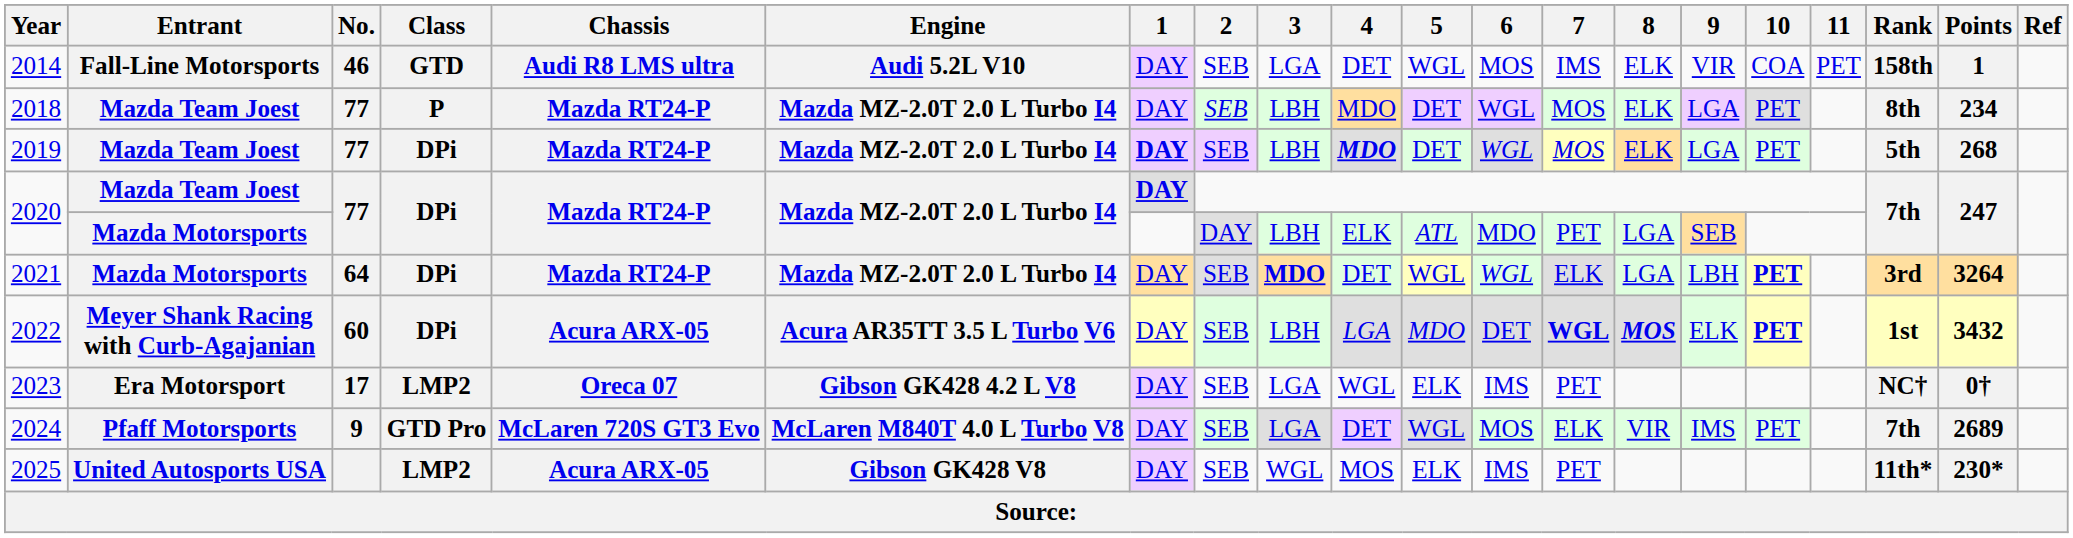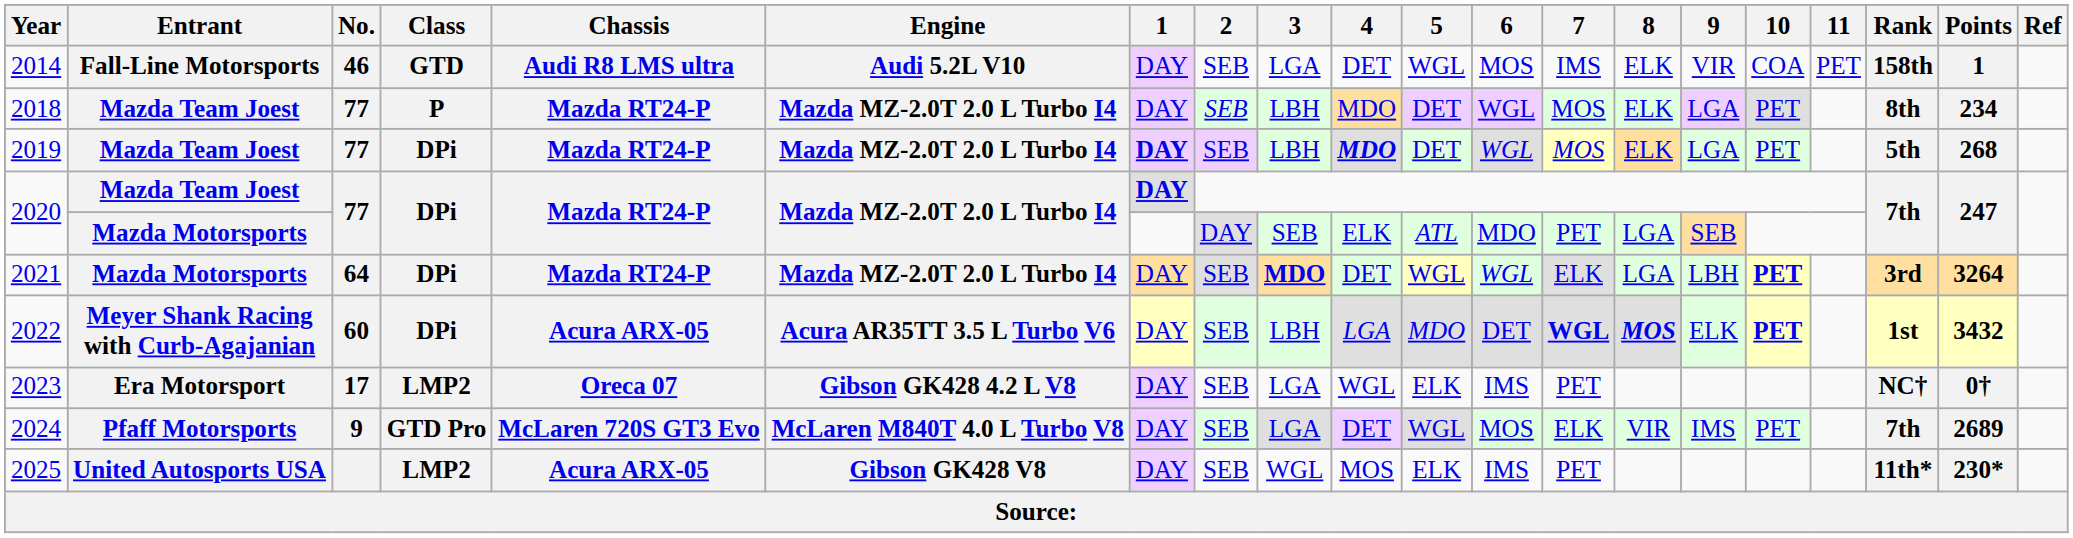 <table class="wikitable" style="text-align:center; font-size:85%">
 <tr>
 <th>Year</th>
 <th>Entrant</th>
 <th>No.</th>
 <th>Class</th>
 <th>Chassis</th>
 <th>Engine</th>
 <th>1</th>
 <th>2</th>
 <th>3</th>
 <th>4</th>
 <th>5</th>
 <th>6</th>
 <th>7</th>
 <th>8</th>
 <th>9</th>
 <th>10</th>
 <th>11</th>
 <th>Rank</th>
 <th>Points</th>
 <th>Ref</th>
 </tr>
 <tr>
 <td><a href='#'>2014</a></td>
 <th nowrap>Fall-Line Motorsports</th>
 <th>46</th>
 <th>GTD</th>
 <th nowrap><a href='#'>Audi R8 LMS ultra</a></th>
 <th nowrap><a href='#'>Audi</a> 5.2L V10</th>
 <td style="background:#EFCFFF;"><a href='#'>DAY</a><br></td>
 <td><a href='#'>SEB</a></td>
 <td><a href='#'>LGA</a></td>
 <td><a href='#'>DET</a></td>
 <td><a href='#'>WGL</a></td>
 <td><a href='#'>MOS</a></td>
 <td><a href='#'>IMS</a></td>
 <td><a href='#'>ELK</a></td>
 <td><a href='#'>VIR</a></td>
 <td><a href='#'>COA</a></td>
 <td><a href='#'>PET</a></td>
 <th>158th</th>
 <th>1</th>
 <td></td>
 </tr>
 <tr>
 <td><a href='#'>2018</a></td>
 <th nowrap><a href='#'>Mazda Team Joest</a></th>
 <th>77</th>
 <th>P</th>
 <th nowrap><a href='#'>Mazda RT24-P</a></th>
 <th nowrap><a href='#'>Mazda</a> MZ-2.0T 2.0 L Turbo <a href='#'>I4</a></th>
 <td style="background:#EFCFFF;"><a href='#'>DAY</a><br></td>
 <td style="background:#DFFFDF;"><em><a href='#'>SEB</a></em><br></td>
 <td style="background:#DFFFDF;"><a href='#'>LBH</a><br></td>
 <td style="background:#FFDF9F;"><a href='#'>MDO</a><br></td>
 <td style="background:#EFCFFF;"><a href='#'>DET</a><br></td>
 <td style="background:#EFCFFF;"><a href='#'>WGL</a><br></td>
 <td style="background:#DFFFDF;"><a href='#'>MOS</a><br></td>
 <td style="background:#DFFFDF;"><a href='#'>ELK</a><br></td>
 <td style="background:#EFCFFF;"><a href='#'>LGA</a><br></td>
 <td style="background:#DFDFDF;"><a href='#'>PET</a><br></td>
 <td></td>
 <th>8th</th>
 <th>234</th>
 <td></td>
 </tr>
 <tr>
 <td><a href='#'>2019</a></td>
 <th nowrap><a href='#'>Mazda Team Joest</a></th>
 <th>77</th>
 <th>DPi</th>
 <th nowrap><a href='#'>Mazda RT24-P</a></th>
 <th nowrap><a href='#'>Mazda</a> MZ-2.0T 2.0 L Turbo <a href='#'>I4</a></th>
 <td style="background:#EFCFFF;"><strong><a href='#'>DAY</a></strong><br></td>
 <td style="background:#EFCFFF;"><a href='#'>SEB</a><br></td>
 <td style="background:#DFFFDF;"><a href='#'>LBH</a><br></td>
 <td style="background:#DFDFDF;"><strong><em><a href='#'>MDO</a></em></strong><br></td>
 <td style="background:#DFFFDF;"><a href='#'>DET</a><br></td>
 <td style="background:#DFDFDF;"><em><a href='#'>WGL</a></em><br></td>
 <td style="background:#FFFFBF;"><em><a href='#'>MOS</a></em><br></td>
 <td style="background:#FFDF9F;"><a href='#'>ELK</a><br></td>
 <td style="background:#DFFFDF;"><a href='#'>LGA</a><br></td>
 <td style="background:#DFFFDF;"><a href='#'>PET</a><br></td>
 <td></td>
 <th>5th</th>
 <th>268</th>
 <td></td>
 </tr>
 <tr>
 <td rowspan=2><a href='#'>2020</a></td>
 <th nowrap><a href='#'>Mazda Team Joest</a></th>
 <th rowspan=2>77</th>
 <th rowspan=2>DPi</th>
 <th rowspan=2 nowrap><a href='#'>Mazda RT24-P</a></th>
 <th rowspan=2 nowrap><a href='#'>Mazda</a> MZ-2.0T 2.0 L Turbo <a href='#'>I4</a></th>
 <td style="background:#DFDFDF;"><strong><a href='#'>DAY</a></strong><br></td>
 <td colspan=10></td>
 <th rowspan=2>7th</th>
 <th rowspan=2>247</th>
 <td rowspan="2"></td>
 </tr>
 <tr>
 <th nowrap><a href='#'>Mazda Motorsports</a></th>
 <td></td>
 <td style="background:#DFDFDF;"><a href='#'>DAY</a><br></td>
-<td style="background:#DFFFDF;"><a href='#'>LBH</a><br></td>
+<td style="background:#DFFFDF;"><a href='#'>SEB</a><br></td>
 <td style="background:#DFFFDF;"><a href='#'>ELK</a><br></td>
 <td style="background:#DFFFDF;"><em><a href='#'>ATL</a></em><br></td>
 <td style="background:#DFFFDF;"><a href='#'>MDO</a><br></td>
 <td style="background:#DFFFDF;"><a href='#'>PET</a><br></td>
 <td style="background:#DFFFDF;"><a href='#'>LGA</a><br></td>
 <td style="background:#FFDF9F;"><a href='#'>SEB</a><br></td>
 <td colspan=2></td>
 </tr>
 <tr>
 <td><a href='#'>2021</a></td>
 <th nowrap><a href='#'>Mazda Motorsports</a></th>
 <th>64</th>
 <th>DPi</th>
 <th nowrap><a href='#'>Mazda RT24-P</a></th>
 <th nowrap><a href='#'>Mazda</a> MZ-2.0T 2.0 L Turbo <a href='#'>I4</a></th>
 <td style="background:#FFDF9F;"><a href='#'>DAY</a><br></td>
 <td style="background:#DFDFDF;"><a href='#'>SEB</a><br></td>
 <td style="background:#FFDF9F;"><strong><a href='#'>MDO</a></strong><br></td>
 <td style="background:#DFFFDF;"><a href='#'>DET</a><br></td>
 <td style="background:#FFFFBF;"><a href='#'>WGL</a><br></td>
 <td style="background:#DFFFDF;"><em><a href='#'>WGL</a></em><br></td>
 <td style="background:#DFDFDF;"><a href='#'>ELK</a><br></td>
 <td style="background:#DFFFDF;"><a href='#'>LGA</a><br></td>
 <td style="background:#DFFFDF;"><a href='#'>LBH</a><br></td>
 <td style="background:#FFFFBF;"><strong><a href='#'>PET</a></strong><br></td>
 <td></td>
 <th style="background:#FFDF9F;">3rd</th>
 <th style="background:#FFDF9F;">3264</th>
 <td></td>
 </tr>
 <tr>
 <td><a href='#'>2022</a></td>
 <th nowrap><a href='#'>Meyer Shank Racing</a><br>with <a href='#'>Curb-Agajanian</a></th>
 <th>60</th>
 <th>DPi</th>
 <th nowrap><a href='#'>Acura ARX-05</a></th>
 <th nowrap><a href='#'>Acura</a> AR35TT 3.5 L <a href='#'>Turbo</a> <a href='#'>V6</a></th>
 <td style="background:#FFFFBF;"><a href='#'>DAY</a><br></td>
 <td style="background:#DFFFDF;"><a href='#'>SEB</a><br></td>
 <td style="background:#DFFFDF;"><a href='#'>LBH</a><br></td>
 <td style="background:#DFDFDF;"><em><a href='#'>LGA</a></em><br></td>
 <td style="background:#DFDFDF;"><em><a href='#'>MDO</a></em><br></td>
 <td style="background:#DFDFDF;"><a href='#'>DET</a><br></td>
 <td style="background:#DFDFDF;"><strong><a href='#'>WGL</a></strong><br></td>
 <td style="background:#DFDFDF;"><strong><em><a href='#'>MOS</a></em></strong><br></td>
 <td style="background:#DFFFDF;"><a href='#'>ELK</a><br></td>
 <td style="background:#FFFFBF;"><strong><a href='#'>PET</a></strong><br></td>
 <td></td>
 <th style="background:#FFFFBF;">1st</th>
 <th style="background:#FFFFBF;">3432</th>
 <td></td>
 </tr>
 <tr>
 <td><a href='#'>2023</a></td>
 <th nowrap>Era Motorsport</th>
 <th>17</th>
 <th>LMP2</th>
 <th nowrap><a href='#'>Oreca 07</a></th>
 <th nowrap><a href='#'>Gibson</a> GK428 4.2 L <a href='#'>V8</a></th>
 <td style="background:#EFCFFF;"><a href='#'>DAY</a><br></td>
 <td><a href='#'>SEB</a></td>
 <td><a href='#'>LGA</a></td>
 <td><a href='#'>WGL</a></td>
 <td><a href='#'>ELK</a></td>
 <td><a href='#'>IMS</a></td>
 <td><a href='#'>PET</a></td>
 <td></td>
 <td></td>
 <td></td>
 <td></td>
 <th>NC†</th>
 <th>0†</th>
 <td></td>
 </tr>
 <tr>
 <td><a href='#'>2024</a></td>
 <th nowrap><a href='#'>Pfaff Motorsports</a></th>
 <th>9</th>
 <th nowrap>GTD Pro</th>
 <th nowrap><a href='#'>McLaren 720S GT3 Evo</a></th>
 <th nowrap><a href='#'>McLaren</a> <a href='#'>M840T</a> 4.0 L <a href='#'>Turbo</a> <a href='#'>V8</a></th>
 <td style="background:#EFCFFF;"><a href='#'>DAY</a><br></td>
 <td style="background:#DFFFDF;"><a href='#'>SEB</a><br></td>
 <td style="background:#DFDFDF;"><a href='#'>LGA</a><br></td>
 <td style="background:#EFCFFF;"><a href='#'>DET</a><br></td>
 <td style="background:#DFDFDF;"><a href='#'>WGL</a><br></td>
 <td style="background:#DFFFDF;"><a href='#'>MOS</a><br></td>
 <td style="background:#DFFFDF;"><a href='#'>ELK</a><br></td>
 <td style="background:#DFFFDF;"><a href='#'>VIR</a><br></td>
 <td style="background:#DFFFDF;"><a href='#'>IMS</a><br></td>
 <td style="background:#DFFFDF;"><a href='#'>PET</a><br></td>
 <td></td>
 <th>7th</th>
 <th>2689</th>
 <td></td>
 </tr>
 <tr>
 <td><a href='#'>2025</a></td>
 <th><a href='#'>United Autosports USA</a></th>
 <th></th>
 <th>LMP2</th>
 <th nowrap><a href='#'>Acura ARX-05</a></th>
 <th><a href='#'>Gibson</a> GK428 V8</th>
 <td style="background:#EFCFFF;"><a href='#'>DAY</a><br></td>
 <td style="background:#;"><a href='#'>SEB</a><br></td>
 <td style="background:#;"><a href='#'>WGL</a><br></td>
 <td style="background:#;"><a href='#'>MOS</a><br></td>
 <td style="background:#;"><a href='#'>ELK</a><br></td>
 <td style="background:#;"><a href='#'>IMS</a><br></td>
 <td style="background:#;"><a href='#'>PET</a><br></td>
 <td></td>
 <td></td>
 <td></td>
 <td></td>
 <th>11th*</th>
 <th>230*</th>
 </tr>
 <tr>
 <th colspan="20">Source:</th>
 </tr>
 </table>
